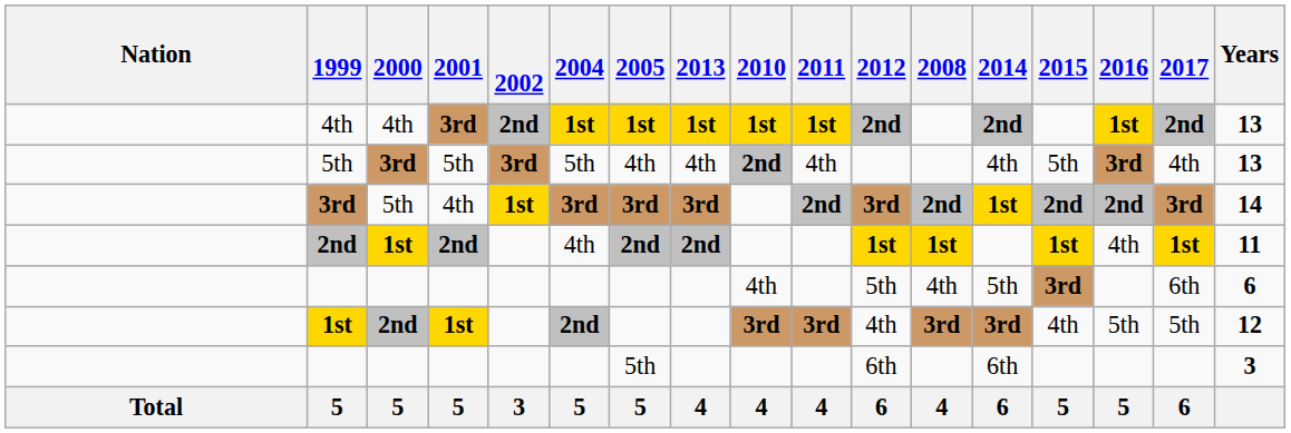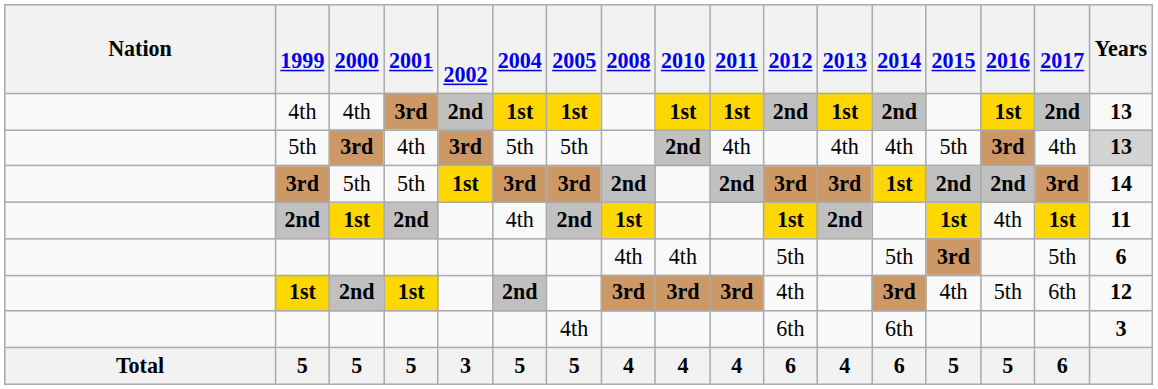 <table class="wikitable" style="text-align:center; font-size:90%">
 <tr>
 <th width=170>Nation</th>
 <th><br><a href='#'>1999</a></th>
 <th><br><a href='#'>2000</a></th>
 <th><br><a href='#'>2001</a></th>
 <th><br><br><a href='#'>2002</a></th>
 <th><br><a href='#'>2004</a></th>
 <th><br><a href='#'>2005</a></th>
-<th><br><a href='#'>2013</a></th>
+<th><br><a href='#'>2008</a></th>
 <th><br><a href='#'>2010</a></th>
 <th><br><a href='#'>2011</a></th>
 <th><br><a href='#'>2012</a></th>
-<th><br><a href='#'>2008</a></th>
+<th><br><a href='#'>2013</a></th>
 <th><br><a href='#'>2014</a></th>
 <th><br><a href='#'>2015</a></th>
 <th><br><a href='#'>2016</a></th>
 <th><br><a href='#'>2017</a></th>
 <th>Years</th>
 </tr>
 <tr>
 <td align=left></td>
 <td>4th</td>
 <td>4th</td>
 <td bgcolor=#cc9966><strong>3rd</strong></td>
 <td bgcolor=silver><strong>2nd</strong></td>
 <td bgcolor=gold><strong>1st</strong></td>
 <td bgcolor=gold><strong>1st</strong></td>
-<td bgcolor=gold><strong>1st</strong></td>
+<td></td>
 <td bgcolor=gold><strong>1st</strong></td>
 <td bgcolor=gold><strong>1st</strong></td>
 <td bgcolor=silver><strong>2nd</strong></td>
-<td></td>
+<td bgcolor=gold><strong>1st</strong></td>
 <td bgcolor=silver><strong>2nd</strong></td>
 <td></td>
 <td bgcolor=gold><strong>1st</strong></td>
 <td bgcolor=silver><strong>2nd</strong></td>
 <td><strong>13</strong></td>
 </tr>
 <tr>
 <td align=left></td>
 <td>5th</td>
 <td bgcolor=#cc9966><strong>3rd</strong></td>
-<td>5th</td>
+<td>4th</td>
 <td bgcolor=#cc9966><strong>3rd</strong></td>
 <td>5th</td>
-<td>4th</td>
-<td>4th</td>
+<td>5th</td>
+<td></td>
 <td bgcolor=silver><strong>2nd</strong></td>
 <td>4th</td>
 <td></td>
-<td></td>
+<td>4th</td>
 <td>4th</td>
 <td>5th</td>
 <td bgcolor=#cc9966><strong>3rd</strong></td>
 <td>4th</td>
-<td><strong>13</strong></td>
+<td style="background: lightgrey;"><strong>13</strong></td>
 </tr>
 <tr>
 <td align=left></td>
 <td bgcolor=#cc9966><strong>3rd</strong></td>
 <td>5th</td>
-<td>4th</td>
+<td>5th</td>
 <td bgcolor=gold><strong>1st</strong></td>
 <td bgcolor=#cc9966><strong>3rd</strong></td>
 <td bgcolor=#cc9966><strong>3rd</strong></td>
-<td bgcolor=#cc9966><strong>3rd</strong></td>
+<td bgcolor=silver><strong>2nd</strong></td>
 <td></td>
 <td bgcolor=silver><strong>2nd</strong></td>
 <td bgcolor=#cc9966><strong>3rd</strong></td>
-<td bgcolor=silver><strong>2nd</strong></td>
+<td bgcolor=#cc9966><strong>3rd</strong></td>
 <td bgcolor=gold><strong>1st</strong></td>
 <td bgcolor=silver><strong>2nd</strong></td>
 <td bgcolor=silver><strong>2nd</strong></td>
 <td bgcolor=#cc9966><strong>3rd</strong></td>
 <td><strong>14</strong></td>
 </tr>
 <tr>
 <td align=left></td>
 <td bgcolor=silver><strong>2nd</strong></td>
 <td bgcolor=gold><strong>1st</strong></td>
 <td bgcolor=silver><strong>2nd</strong></td>
 <td></td>
 <td>4th</td>
 <td bgcolor=silver><strong>2nd</strong></td>
-<td bgcolor=silver><strong>2nd</strong></td>
+<td bgcolor=gold><strong>1st</strong></td>
 <td></td>
 <td></td>
 <td bgcolor=gold><strong>1st</strong></td>
-<td bgcolor=gold><strong>1st</strong></td>
+<td bgcolor=silver><strong>2nd</strong></td>
 <td></td>
 <td bgcolor=gold><strong>1st</strong></td>
 <td>4th</td>
 <td bgcolor=gold><strong>1st</strong></td>
 <td><strong>11</strong></td>
 </tr>
 <tr>
 <td align=left></td>
 <td></td>
 <td></td>
 <td></td>
 <td></td>
 <td></td>
 <td></td>
-<td></td>
+<td>4th</td>
 <td>4th</td>
 <td></td>
 <td>5th</td>
-<td>4th</td>
+<td></td>
 <td>5th</td>
 <td bgcolor=#cc9966><strong>3rd</strong></td>
 <td></td>
-<td>6th</td>
+<td>5th</td>
 <td><strong>6</strong></td>
 </tr>
 <tr>
 <td align=left></td>
 <td bgcolor=gold><strong>1st</strong></td>
 <td bgcolor=silver><strong>2nd</strong></td>
 <td bgcolor=gold><strong>1st</strong></td>
 <td></td>
 <td bgcolor=silver><strong>2nd</strong></td>
 <td></td>
-<td></td>
+<td bgcolor=#cc9966><strong>3rd</strong></td>
 <td bgcolor=#cc9966><strong>3rd</strong></td>
 <td bgcolor=#cc9966><strong>3rd</strong></td>
 <td>4th</td>
-<td bgcolor=#cc9966><strong>3rd</strong></td>
+<td></td>
 <td bgcolor=#cc9966><strong>3rd</strong></td>
 <td>4th</td>
 <td>5th</td>
-<td>5th</td>
+<td>6th</td>
 <td><strong>12</strong></td>
 </tr>
 <tr>
 <td align=left></td>
 <td></td>
 <td></td>
 <td></td>
 <td></td>
 <td></td>
-<td>5th</td>
+<td>4th</td>
 <td></td>
 <td></td>
 <td></td>
 <td>6th</td>
 <td></td>
 <td>6th</td>
 <td></td>
 <td></td>
 <td></td>
 <td><strong>3</strong></td>
 </tr>
 <tr>
 <th>Total</th>
 <th>5</th>
 <th>5</th>
 <th>5</th>
 <th>3</th>
 <th>5</th>
 <th>5</th>
 <th>4</th>
 <th>4</th>
 <th>4</th>
 <th>6</th>
 <th>4</th>
 <th>6</th>
 <th>5</th>
 <th>5</th>
 <th>6</th>
 <th></th>
 </tr>
 </table>
